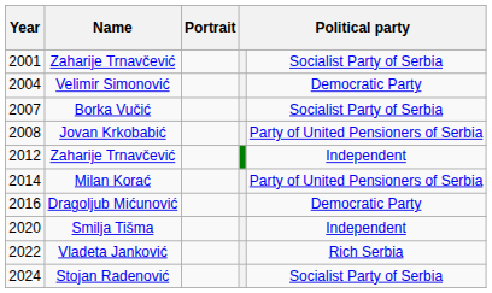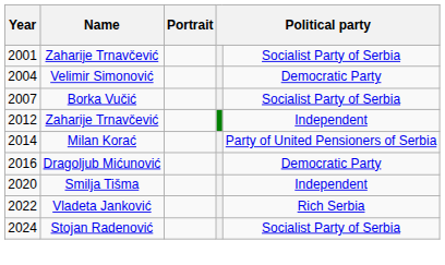 <table class="wikitable collapsible collapsed" style="text-align:center; font-size:85%; line-height:16px; margin-bottom:0">
 <tr style="height:42px; background:#e9e9e9;">
 <th>Year</th>
 <th>Name<br></th>
 <th>Portrait</th>
 <th colspan=2>Political party</th>
 </tr>
 <tr>
 <td>2001</td>
 <td scope="row" style="font-weight:normal;"><a href='#'>Zaharije Trnavčević</a><br></td>
 <td></td>
 <th style="background:"></th>
 <td><a href='#'>Socialist Party of Serbia</a></td>
 </tr>
 <tr>
 <td>2004</td>
 <td scope="row" style="font-weight:normal;"><a href='#'>Velimir Simonović</a><br></td>
 <td></td>
 <th style="background:"></th>
 <td><a href='#'>Democratic Party</a></td>
 </tr>
 <tr>
 <td>2007</td>
 <td scope="row" style="font-weight:normal;"><a href='#'>Borka Vučić</a><br></td>
 <td></td>
 <th style="background:"></th>
 <td><a href='#'>Socialist Party of Serbia</a></td>
-</tr>
-<tr>
-<td>2008</td>
-<td scope="row" style="font-weight:normal;"><a href='#'>Jovan Krkobabić</a><br></td>
-<td></td>
-<th style="background:"></th>
-<td><a href='#'>Party of United Pensioners of Serbia</a></td>
 </tr>
 <tr>
 <td>2012</td>
 <td scope="row" style="font-weight:normal;"><a href='#'>Zaharije Trnavčević</a><br></td>
 <td></td>
 <th style="background:Green"></th>
 <td><a href='#'>Independent</a></td>
 </tr>
 <tr>
 <td>2014</td>
 <td scope="row" style="font-weight:normal;"><a href='#'>Milan Korać</a><br></td>
 <td></td>
 <th style="background:"></th>
 <td><a href='#'>Party of United Pensioners of Serbia</a></td>
 </tr>
 <tr>
 <td>2016</td>
 <td scope="row" style="font-weight:normal;"><a href='#'>Dragoljub Mićunović</a><br></td>
 <td></td>
 <th style="background:"></th>
 <td><a href='#'>Democratic Party</a></td>
 </tr>
 <tr>
 <td>2020</td>
 <td scope="row" style="font-weight:normal;"><a href='#'>Smilja Tišma</a><br></td>
 <td></td>
 <th style="background:"></th>
 <td><a href='#'>Independent</a></td>
 </tr>
 <tr>
 <td>2022</td>
 <td scope="row" style="font-weight:normal;"><a href='#'>Vladeta Janković</a><br></td>
 <td></td>
 <th style="background:"></th>
 <td><a href='#'>Rich Serbia</a></td>
 </tr>
 <tr>
 <td>2024</td>
 <td scope="row" style="font-weight:normal;"><a href='#'>Stojan Radenović</a><br></td>
 <td></td>
 <th style="background:"></th>
 <td><a href='#'>Socialist Party of Serbia</a></td>
 </tr>
 </table>
